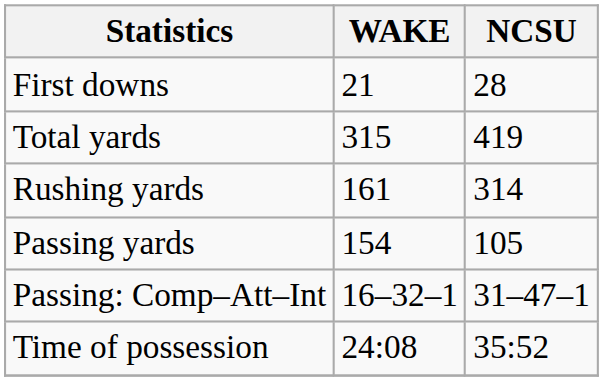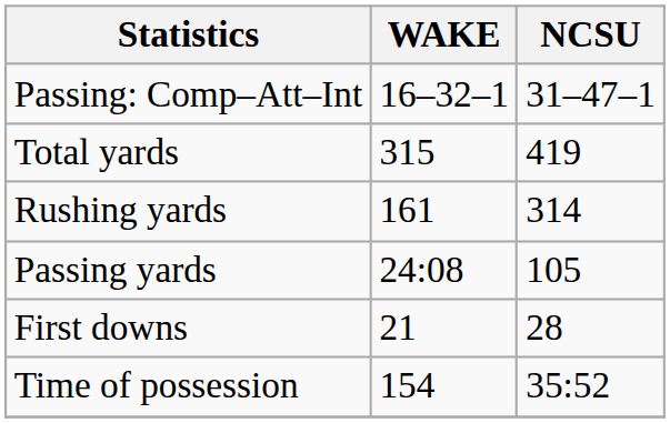 <table class="wikitable" style="float: left;">
 <tr>
 <th>Statistics</th>
 <th>WAKE</th>
 <th>NCSU</th>
 </tr>
 <tr>
-<td>First downs</td>
-<td>21</td>
-<td>28</td>
+<td>Passing: Comp–Att–Int</td>
+<td>16–32–1</td>
+<td>31–47–1</td>
 </tr>
 <tr>
 <td>Total yards</td>
 <td>315</td>
 <td>419</td>
 </tr>
 <tr>
 <td>Rushing yards</td>
 <td>161</td>
 <td>314</td>
 </tr>
 <tr>
 <td>Passing yards</td>
-<td>154</td>
+<td>24:08</td>
 <td>105</td>
 </tr>
 <tr>
-<td>Passing: Comp–Att–Int</td>
-<td>16–32–1</td>
-<td>31–47–1</td>
+<td>First downs</td>
+<td>21</td>
+<td>28</td>
 </tr>
 <tr>
 <td>Time of possession</td>
-<td>24:08</td>
+<td>154</td>
 <td>35:52</td>
 </tr>
 <tr>
 </tr>
 </table>
